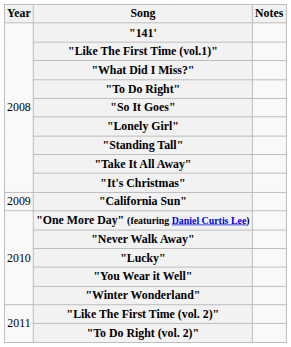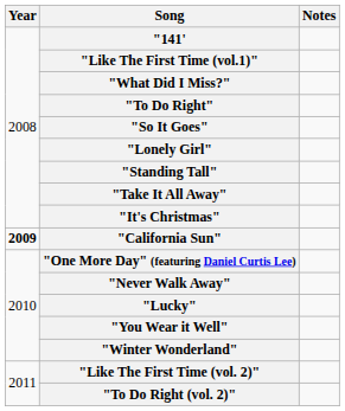 <table class="wikitable plainrowheaders" style="text-align:center;">
 <tr>
 <th scope="col">Year</th>
 <th scope="col">Song</th>
 <th scope="col">Notes</th>
 </tr>
 <tr>
 <td rowspan=9>2008</td>
 <th scope="row">"141'</th>
 <td></td>
 </tr>
 <tr>
 <th scope="row">"Like The First Time (vol.1)"</th>
 <td></td>
 </tr>
 <tr>
 <th scope="row">"What Did I Miss?"</th>
 <td></td>
 </tr>
 <tr>
 <th scope="row">"To Do Right"</th>
 <td></td>
 </tr>
 <tr>
 <th scope="row">"So It Goes"</th>
 <td></td>
 </tr>
 <tr>
 <th scope="row">"Lonely Girl"</th>
 <td></td>
 </tr>
 <tr>
 <th scope="row">"Standing Tall"</th>
 <td></td>
 </tr>
 <tr>
 <th scope="row">"Take It All Away"</th>
 <td></td>
 </tr>
 <tr>
 <th scope="row">"It's Christmas"</th>
 <td></td>
 </tr>
 <tr>
-<td>2009</td>
+<td><strong>2009</strong></td>
 <th scope="row">"California Sun"</th>
 <td></td>
 </tr>
 <tr>
 <td rowspan=5>2010</td>
 <th scope="row">"One More Day" <small>(featuring <a href='#'>Daniel Curtis Lee</a>)</small></th>
 <td></td>
 </tr>
 <tr>
 <th scope="row">"Never Walk Away"</th>
 <td></td>
 </tr>
 <tr>
 <th scope="row">"Lucky"</th>
 <td></td>
 </tr>
 <tr>
 <th scope="row">"You Wear it Well"</th>
 <td></td>
 </tr>
 <tr>
 <th scope="row">"Winter Wonderland"</th>
 <td></td>
 </tr>
 <tr>
 <td rowspan=2>2011</td>
 <th scope="row">"Like The First Time (vol. 2)"</th>
 <td></td>
 </tr>
 <tr>
 <th scope="row">"To Do Right (vol. 2)"</th>
 <td></td>
 </tr>
 </table>
